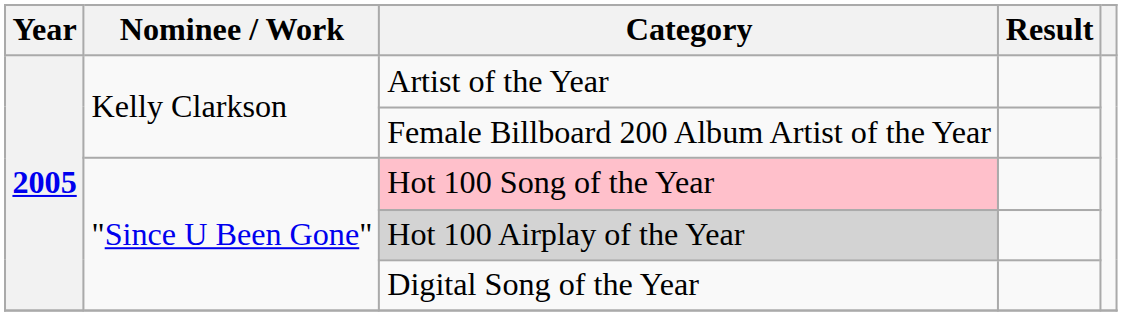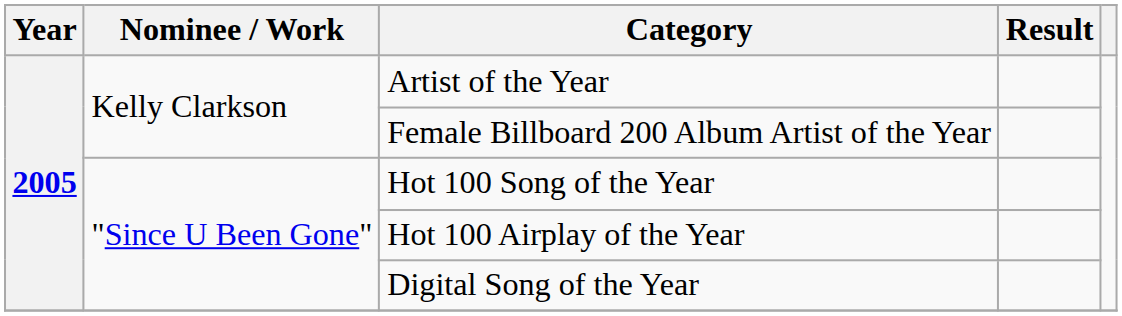 <table class="wikitable plainrowheaders">
 <tr>
 <th>Year</th>
 <th>Nominee / Work</th>
 <th>Category</th>
 <th>Result</th>
 <th></th>
 </tr>
 <tr>
 <th scope="row" rowspan="5"><a href='#'>2005</a></th>
 <td rowspan="2">Kelly Clarkson</td>
 <td>Artist of the Year</td>
 <td></td>
 <td align="center" rowspan="5"><br><br><br></td>
 </tr>
 <tr>
 <td>Female Billboard 200 Album Artist of the Year</td>
 <td></td>
 </tr>
 <tr>
 <td rowspan="3">"<a href='#'>Since U Been Gone</a>"</td>
-<td style="background: pink;">Hot 100 Song of the Year</td>
+<td>Hot 100 Song of the Year</td>
 <td></td>
 </tr>
 <tr>
-<td style="background: lightgrey;">Hot 100 Airplay of the Year</td>
+<td>Hot 100 Airplay of the Year</td>
 <td></td>
 </tr>
 <tr>
 <td>Digital Song of the Year</td>
 <td></td>
 </tr>
 <tr>
 </tr>
 </table>
